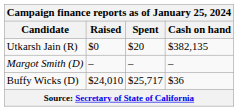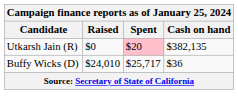 <table class="wikitable sortable">
 <tr>
 <th colspan=4>Campaign finance reports as of January 25, 2024</th>
 </tr>
 <tr style="text-align:center;">
 <th>Candidate</th>
 <th>Raised</th>
 <th>Spent</th>
 <th>Cash on hand</th>
 </tr>
 <tr>
 <td style="background-color:">Utkarsh Jain (R)</td>
 <td>$0</td>
-<td>$20</td>
+<td style="background: pink;">$20</td>
 <td>$382,135</td>
-</tr>
-<tr>
-<td style="color:black;background-color:"><em>Margot Smith (D)</em></td>
-<td>–</td>
-<td>–</td>
-<td>–</td>
 </tr>
 <tr>
 <td style="color:black;background-color:">Buffy Wicks (D)</td>
 <td>$24,010</td>
 <td>$25,717</td>
 <td>$36</td>
 </tr>
 <tr>
 <th colspan="4"><small>Source: <a href='#'>Secretary of State of California</a></small></th>
 </tr>
 </table>
